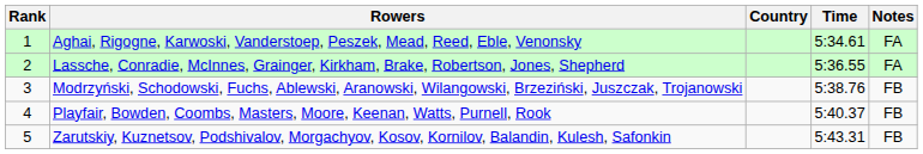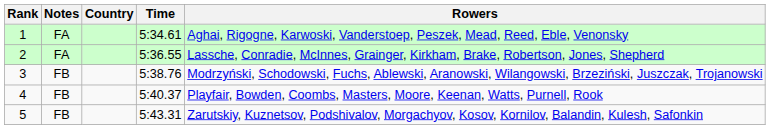 <table class="wikitable" style="text-align:center">
 <tr>
 <th>Rank</th>
-<th>Rowers</th>
+<th>Notes</th>
 <th>Country</th>
 <th>Time</th>
-<th>Notes</th>
+<th>Rowers</th>
 </tr>
 <tr bgcolor=ccffcc>
 <td>1</td>
-<td align="left"><a href='#'>Aghai</a>, <a href='#'>Rigogne</a>, <a href='#'>Karwoski</a>, <a href='#'>Vanderstoep</a>, <a href='#'>Peszek</a>, <a href='#'>Mead</a>, <a href='#'>Reed</a>, <a href='#'>Eble</a>, <a href='#'>Venonsky</a></td>
+<td>FA</td>
 <td align="left"></td>
 <td>5:34.61</td>
-<td>FA</td>
+<td align="left"><a href='#'>Aghai</a>, <a href='#'>Rigogne</a>, <a href='#'>Karwoski</a>, <a href='#'>Vanderstoep</a>, <a href='#'>Peszek</a>, <a href='#'>Mead</a>, <a href='#'>Reed</a>, <a href='#'>Eble</a>, <a href='#'>Venonsky</a></td>
 </tr>
 <tr bgcolor=ccffcc>
 <td>2</td>
-<td align="left"><a href='#'>Lassche</a>, <a href='#'>Conradie</a>, <a href='#'>McInnes</a>, <a href='#'>Grainger</a>, <a href='#'>Kirkham</a>, <a href='#'>Brake</a>, <a href='#'>Robertson</a>, <a href='#'>Jones</a>, <a href='#'>Shepherd</a></td>
+<td>FA</td>
 <td align="left"></td>
 <td>5:36.55</td>
-<td>FA</td>
+<td align="left"><a href='#'>Lassche</a>, <a href='#'>Conradie</a>, <a href='#'>McInnes</a>, <a href='#'>Grainger</a>, <a href='#'>Kirkham</a>, <a href='#'>Brake</a>, <a href='#'>Robertson</a>, <a href='#'>Jones</a>, <a href='#'>Shepherd</a></td>
 </tr>
 <tr>
 <td>3</td>
-<td align="left"><a href='#'>Modrzyński</a>, <a href='#'>Schodowski</a>, <a href='#'>Fuchs</a>, <a href='#'>Ablewski</a>, <a href='#'>Aranowski</a>, <a href='#'>Wilangowski</a>, <a href='#'>Brzeziński</a>, <a href='#'>Juszczak</a>, <a href='#'>Trojanowski</a></td>
+<td>FB</td>
 <td align="left"></td>
 <td>5:38.76</td>
-<td>FB</td>
+<td align="left"><a href='#'>Modrzyński</a>, <a href='#'>Schodowski</a>, <a href='#'>Fuchs</a>, <a href='#'>Ablewski</a>, <a href='#'>Aranowski</a>, <a href='#'>Wilangowski</a>, <a href='#'>Brzeziński</a>, <a href='#'>Juszczak</a>, <a href='#'>Trojanowski</a></td>
 </tr>
 <tr>
 <td>4</td>
-<td align="left"><a href='#'>Playfair</a>, <a href='#'>Bowden</a>, <a href='#'>Coombs</a>, <a href='#'>Masters</a>, <a href='#'>Moore</a>, <a href='#'>Keenan</a>, <a href='#'>Watts</a>, <a href='#'>Purnell</a>, <a href='#'>Rook</a></td>
+<td>FB</td>
 <td align="left"></td>
 <td>5:40.37</td>
-<td>FB</td>
+<td align="left"><a href='#'>Playfair</a>, <a href='#'>Bowden</a>, <a href='#'>Coombs</a>, <a href='#'>Masters</a>, <a href='#'>Moore</a>, <a href='#'>Keenan</a>, <a href='#'>Watts</a>, <a href='#'>Purnell</a>, <a href='#'>Rook</a></td>
 </tr>
 <tr>
 <td>5</td>
-<td align="left"><a href='#'>Zarutskiy</a>, <a href='#'>Kuznetsov</a>, <a href='#'>Podshivalov</a>, <a href='#'>Morgachyov</a>, <a href='#'>Kosov</a>, <a href='#'>Kornilov</a>, <a href='#'>Balandin</a>, <a href='#'>Kulesh</a>, <a href='#'>Safonkin</a></td>
+<td>FB</td>
 <td align="left"></td>
 <td>5:43.31</td>
-<td>FB</td>
+<td align="left"><a href='#'>Zarutskiy</a>, <a href='#'>Kuznetsov</a>, <a href='#'>Podshivalov</a>, <a href='#'>Morgachyov</a>, <a href='#'>Kosov</a>, <a href='#'>Kornilov</a>, <a href='#'>Balandin</a>, <a href='#'>Kulesh</a>, <a href='#'>Safonkin</a></td>
 </tr>
 </table>
